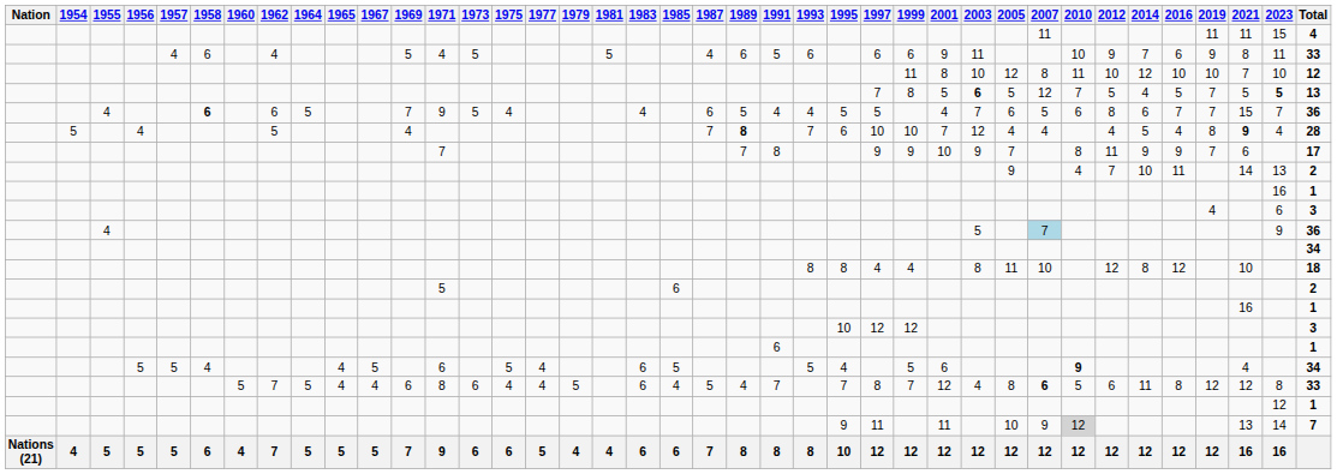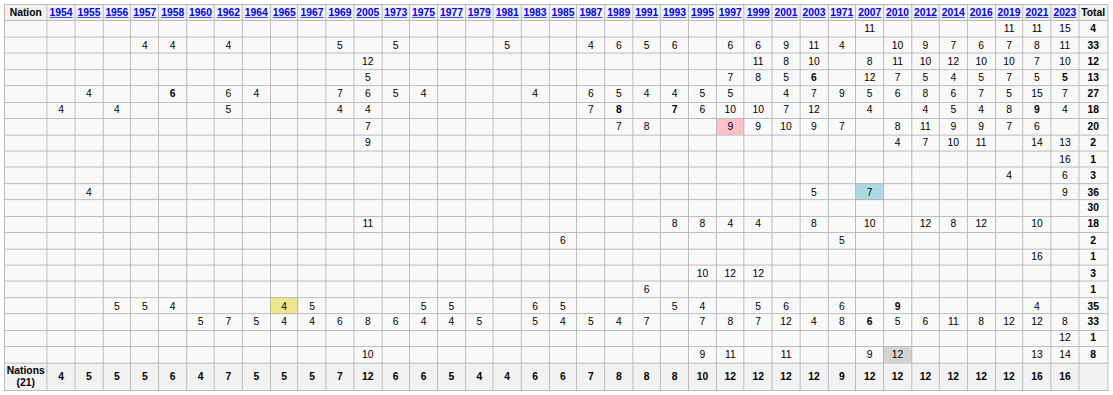 <table class="wikitable sortable sort-under-center" style="font-size:85%; text-align:center">
 <tr>
 <th>Nation</th>
 <th><a href='#'>1954</a></th>
 <th><a href='#'>1955</a></th>
 <th><a href='#'>1956</a></th>
 <th><a href='#'>1957</a></th>
 <th><a href='#'>1958</a></th>
 <th><a href='#'>1960</a></th>
 <th><a href='#'>1962</a></th>
 <th><a href='#'>1964</a></th>
 <th><a href='#'>1965</a></th>
 <th><a href='#'>1967</a></th>
 <th><a href='#'>1969</a></th>
-<th><a href='#'>1971</a></th>
+<th><a href='#'>2005</a></th>
 <th><a href='#'>1973</a></th>
 <th><a href='#'>1975</a></th>
 <th><a href='#'>1977</a></th>
 <th><a href='#'>1979</a></th>
 <th><a href='#'>1981</a></th>
 <th><a href='#'>1983</a></th>
 <th><a href='#'>1985</a></th>
 <th><a href='#'>1987</a></th>
 <th><a href='#'>1989</a></th>
 <th><a href='#'>1991</a></th>
 <th><a href='#'>1993</a></th>
 <th><a href='#'>1995</a></th>
 <th><a href='#'>1997</a></th>
 <th><a href='#'>1999</a></th>
 <th><a href='#'>2001</a></th>
 <th><a href='#'>2003</a></th>
-<th><a href='#'>2005</a></th>
+<th><a href='#'>1971</a></th>
 <th><a href='#'>2007</a></th>
 <th><a href='#'>2010</a></th>
 <th><a href='#'>2012</a></th>
 <th><a href='#'>2014</a></th>
 <th><a href='#'>2016</a></th>
 <th><a href='#'>2019</a></th>
 <th><a href='#'>2021</a></th>
 <th><a href='#'>2023</a></th>
 <th>Total</th>
 </tr>
 <tr>
 <td align=left></td>
 <td data-sort-value=99></td>
 <td data-sort-value=99></td>
 <td data-sort-value=99></td>
 <td data-sort-value=99></td>
 <td data-sort-value=99></td>
 <td data-sort-value=99></td>
 <td data-sort-value=99></td>
 <td data-sort-value=99></td>
 <td data-sort-value=99></td>
 <td data-sort-value=99></td>
 <td data-sort-value=99></td>
 <td data-sort-value=99></td>
 <td data-sort-value=99></td>
 <td data-sort-value=99></td>
 <td data-sort-value=99></td>
 <td data-sort-value=99></td>
 <td data-sort-value=99></td>
 <td data-sort-value=99></td>
 <td data-sort-value=99></td>
 <td data-sort-value=99></td>
 <td data-sort-value=99></td>
 <td data-sort-value=99></td>
 <td data-sort-value=99></td>
 <td data-sort-value=99></td>
 <td data-sort-value=99></td>
 <td data-sort-value=99></td>
 <td data-sort-value=99></td>
 <td data-sort-value=99></td>
 <td data-sort-value=99></td>
 <td>11</td>
 <td data-sort-value=99></td>
 <td data-sort-value=99></td>
 <td data-sort-value=99></td>
 <td data-sort-value=99></td>
 <td>11</td>
 <td>11</td>
 <td>15</td>
 <td><strong>4</strong></td>
 </tr>
 <tr>
 <td align=left></td>
 <td></td>
 <td></td>
 <td></td>
 <td>4</td>
-<td>6</td>
+<td>4</td>
 <td data-sort-value=99></td>
 <td>4</td>
 <td data-sort-value=99></td>
 <td data-sort-value=99></td>
 <td></td>
 <td>5</td>
-<td>4</td>
+<td data-sort-value=99></td>
 <td>5</td>
 <td data-sort-value=99></td>
 <td></td>
 <td></td>
 <td>5</td>
 <td></td>
 <td></td>
 <td>4</td>
 <td>6</td>
 <td>5</td>
 <td>6</td>
 <td></td>
 <td>6</td>
 <td>6</td>
 <td>9</td>
 <td>11</td>
-<td data-sort-value=99></td>
+<td>4</td>
 <td data-sort-value=99></td>
 <td>10</td>
 <td>9</td>
 <td>7</td>
 <td>6</td>
-<td>9</td>
+<td>7</td>
 <td>8</td>
 <td>11</td>
 <td><strong>33</strong></td>
 </tr>
 <tr>
 <td align=left></td>
 <td data-sort-value=99></td>
 <td data-sort-value=99></td>
 <td data-sort-value=99></td>
 <td data-sort-value=99></td>
 <td data-sort-value=99></td>
 <td data-sort-value=99></td>
 <td data-sort-value=99></td>
 <td data-sort-value=99></td>
 <td data-sort-value=99></td>
 <td data-sort-value=99></td>
 <td data-sort-value=99></td>
-<td data-sort-value=99></td>
+<td>12</td>
 <td data-sort-value=99></td>
 <td data-sort-value=99></td>
 <td data-sort-value=99></td>
 <td data-sort-value=99></td>
 <td data-sort-value=99></td>
 <td data-sort-value=99></td>
 <td data-sort-value=99></td>
 <td data-sort-value=99></td>
 <td data-sort-value=99></td>
 <td data-sort-value=99></td>
 <td data-sort-value=99></td>
 <td data-sort-value=99></td>
 <td data-sort-value=99></td>
 <td>11</td>
 <td>8</td>
 <td>10</td>
-<td>12</td>
+<td data-sort-value=99></td>
 <td>8</td>
 <td>11</td>
 <td>10</td>
 <td>12</td>
 <td>10</td>
 <td>10</td>
 <td>7</td>
 <td>10</td>
 <td><strong>12</strong></td>
 </tr>
 <tr>
 <td align=left></td>
 <td data-sort-value=99></td>
 <td data-sort-value=99></td>
 <td data-sort-value=99></td>
 <td data-sort-value=99></td>
 <td data-sort-value=99></td>
 <td data-sort-value=99></td>
 <td data-sort-value=99></td>
 <td data-sort-value=99></td>
 <td data-sort-value=99></td>
 <td data-sort-value=99></td>
 <td data-sort-value=99></td>
-<td data-sort-value=99></td>
+<td>5</td>
 <td data-sort-value=99></td>
 <td data-sort-value=99></td>
 <td data-sort-value=99></td>
 <td data-sort-value=99></td>
 <td data-sort-value=99></td>
 <td data-sort-value=99></td>
 <td data-sort-value=99></td>
 <td data-sort-value=99></td>
 <td data-sort-value=99></td>
 <td data-sort-value=99></td>
 <td data-sort-value=99></td>
 <td data-sort-value=99></td>
 <td>7</td>
 <td>8</td>
 <td>5</td>
 <td><strong>6</strong></td>
-<td>5</td>
+<td data-sort-value=99></td>
 <td>12</td>
 <td>7</td>
 <td>5</td>
 <td>4</td>
 <td>5</td>
 <td>7</td>
 <td>5</td>
 <td><strong>5</strong></td>
 <td><strong>13</strong></td>
 </tr>
 <tr>
 <td align=left></td>
 <td data-sort-value=99></td>
 <td>4</td>
 <td data-sort-value=99></td>
 <td data-sort-value=99></td>
 <td><strong>6</strong></td>
 <td data-sort-value=99></td>
 <td>6</td>
-<td>5</td>
+<td>4</td>
 <td data-sort-value=99></td>
 <td data-sort-value=99></td>
 <td>7</td>
-<td>9</td>
+<td>6</td>
 <td>5</td>
 <td>4</td>
 <td data-sort-value=99></td>
 <td data-sort-value=99></td>
 <td data-sort-value=99></td>
 <td>4</td>
 <td data-sort-value=99></td>
 <td>6</td>
 <td>5</td>
 <td>4</td>
 <td>4</td>
 <td>5</td>
 <td>5</td>
 <td></td>
 <td>4</td>
 <td>7</td>
-<td>6</td>
+<td>9</td>
 <td>5</td>
 <td>6</td>
 <td>8</td>
 <td>6</td>
 <td>7</td>
-<td>7</td>
+<td>5</td>
 <td>15</td>
 <td>7</td>
-<td><strong>36</strong></td>
+<td><strong>27</strong></td>
 </tr>
 <tr>
 <td align=left></td>
-<td>5</td>
+<td>4</td>
 <td></td>
 <td>4</td>
 <td></td>
 <td></td>
 <td data-sort-value=99></td>
 <td>5</td>
 <td data-sort-value=99></td>
 <td></td>
 <td></td>
 <td>4</td>
-<td></td>
+<td>4</td>
 <td data-sort-value=99></td>
 <td></td>
 <td data-sort-value=99></td>
 <td data-sort-value=99></td>
 <td data-sort-value=99></td>
 <td data-sort-value=99></td>
 <td data-sort-value=99></td>
 <td>7</td>
 <td><strong>8</strong></td>
 <td data-sort-value=99></td>
-<td>7</td>
+<td><strong>7</strong></td>
 <td>6</td>
 <td>10</td>
 <td>10</td>
 <td>7</td>
 <td>12</td>
-<td>4</td>
+<td></td>
 <td>4</td>
 <td></td>
 <td>4</td>
 <td>5</td>
 <td>4</td>
 <td>8</td>
 <td><strong>9</strong></td>
 <td>4</td>
-<td><strong>28</strong></td>
+<td><strong>18</strong></td>
 </tr>
 <tr>
 <td align=left></td>
 <td data-sort-value=99></td>
 <td data-sort-value=99></td>
 <td data-sort-value=99></td>
 <td data-sort-value=99></td>
 <td data-sort-value=99></td>
 <td data-sort-value=99></td>
 <td data-sort-value=99></td>
 <td data-sort-value=99></td>
 <td data-sort-value=99></td>
 <td></td>
 <td data-sort-value=99></td>
 <td>7</td>
 <td data-sort-value=99></td>
 <td data-sort-value=99></td>
 <td data-sort-value=99></td>
 <td data-sort-value=99></td>
 <td data-sort-value=99></td>
 <td data-sort-value=99></td>
 <td data-sort-value=99></td>
 <td data-sort-value=99></td>
 <td>7</td>
 <td>8</td>
 <td data-sort-value=99></td>
 <td data-sort-value=99></td>
-<td>9</td>
+<td style="background: pink;">9</td>
 <td>9</td>
 <td>10</td>
 <td>9</td>
 <td>7</td>
 <td></td>
 <td>8</td>
 <td>11</td>
 <td>9</td>
 <td>9</td>
 <td>7</td>
 <td>6</td>
 <td></td>
-<td><strong>17</strong></td>
+<td><strong>20</strong></td>
 </tr>
 <tr>
 <td align=left></td>
 <td data-sort-value=99></td>
 <td data-sort-value=99></td>
 <td data-sort-value=99></td>
 <td data-sort-value=99></td>
 <td data-sort-value=99></td>
 <td data-sort-value=99></td>
 <td data-sort-value=99></td>
 <td data-sort-value=99></td>
 <td data-sort-value=99></td>
 <td data-sort-value=99></td>
 <td data-sort-value=99></td>
-<td data-sort-value=99></td>
+<td>9</td>
 <td data-sort-value=99></td>
 <td data-sort-value=99></td>
 <td data-sort-value=99></td>
 <td data-sort-value=99></td>
 <td data-sort-value=99></td>
 <td data-sort-value=99></td>
 <td data-sort-value=99></td>
 <td data-sort-value=99></td>
 <td data-sort-value=99></td>
 <td data-sort-value=99></td>
 <td data-sort-value=99></td>
 <td data-sort-value=99></td>
 <td data-sort-value=99></td>
 <td data-sort-value=99></td>
 <td data-sort-value=99></td>
 <td></td>
-<td>9</td>
+<td data-sort-value=99></td>
 <td data-sort-value=99></td>
 <td>4</td>
 <td>7</td>
 <td>10</td>
 <td>11</td>
 <td data-sort-value=99></td>
 <td>14</td>
 <td>13</td>
 <td><strong>2</strong></td>
 </tr>
 <tr>
 <td align=left></td>
 <td data-sort-value=99></td>
 <td data-sort-value=99></td>
 <td data-sort-value=99></td>
 <td data-sort-value=99></td>
 <td data-sort-value=99></td>
 <td data-sort-value=99></td>
 <td data-sort-value=99></td>
 <td data-sort-value=99></td>
 <td data-sort-value=99></td>
 <td data-sort-value=99></td>
 <td data-sort-value=99></td>
 <td data-sort-value=99></td>
 <td data-sort-value=99></td>
 <td data-sort-value=99></td>
 <td data-sort-value=99></td>
 <td data-sort-value=99></td>
 <td data-sort-value=99></td>
 <td data-sort-value=99></td>
 <td data-sort-value=99></td>
 <td data-sort-value=99></td>
 <td data-sort-value=99></td>
 <td data-sort-value=99></td>
 <td data-sort-value=99></td>
 <td data-sort-value=99></td>
 <td data-sort-value=99></td>
 <td data-sort-value=99></td>
 <td data-sort-value=99></td>
 <td data-sort-value=99></td>
 <td data-sort-value=99></td>
 <td data-sort-value=99></td>
 <td data-sort-value=99></td>
 <td data-sort-value=99></td>
 <td data-sort-value=99></td>
 <td data-sort-value=99></td>
 <td data-sort-value=99></td>
 <td data-sort-value=99></td>
 <td>16</td>
 <td><strong>1</strong></td>
 </tr>
 <tr>
 <td align=left></td>
 <td data-sort-value=99></td>
 <td data-sort-value=99></td>
 <td data-sort-value=99></td>
 <td data-sort-value=99></td>
 <td data-sort-value=99></td>
 <td data-sort-value=99></td>
 <td data-sort-value=99></td>
 <td data-sort-value=99></td>
 <td data-sort-value=99></td>
 <td data-sort-value=99></td>
 <td data-sort-value=99></td>
 <td data-sort-value=99></td>
 <td data-sort-value=99></td>
 <td data-sort-value=99></td>
 <td data-sort-value=99></td>
 <td data-sort-value=99></td>
 <td data-sort-value=99></td>
 <td data-sort-value=99></td>
 <td data-sort-value=99></td>
 <td data-sort-value=99></td>
 <td data-sort-value=99></td>
 <td data-sort-value=99></td>
 <td data-sort-value=99></td>
 <td data-sort-value=99></td>
 <td data-sort-value=99></td>
 <td data-sort-value=99></td>
 <td data-sort-value=99></td>
 <td data-sort-value=99></td>
 <td data-sort-value=99></td>
 <td data-sort-value=99></td>
 <td data-sort-value=99></td>
 <td data-sort-value=99></td>
 <td data-sort-value=99></td>
 <td data-sort-value=99></td>
 <td>4</td>
 <td></td>
 <td>6</td>
 <td><strong>3</strong></td>
 </tr>
 <tr>
 <td align=left></td>
 <td></td>
 <td>4</td>
 <td></td>
 <td></td>
 <td></td>
 <td></td>
 <td></td>
 <td></td>
 <td></td>
 <td data-sort-value=99></td>
 <td></td>
 <td></td>
 <td></td>
 <td></td>
 <td></td>
 <td></td>
 <td></td>
 <td></td>
 <td></td>
 <td></td>
 <td></td>
 <td></td>
 <td></td>
 <td></td>
 <td></td>
 <td></td>
 <td></td>
 <td>5</td>
 <td></td>
 <td style="background: lightblue;">7</td>
 <td></td>
 <td></td>
 <td></td>
 <td></td>
 <td></td>
 <td></td>
 <td>9</td>
 <td><strong>36</strong></td>
 </tr>
 <tr>
 <td align=left></td>
 <td data-sort-value=99></td>
 <td data-sort-value=99></td>
 <td></td>
 <td></td>
 <td></td>
 <td></td>
 <td></td>
 <td></td>
 <td></td>
 <td data-sort-value=99></td>
 <td></td>
 <td></td>
 <td></td>
 <td></td>
 <td></td>
 <td></td>
 <td></td>
 <td></td>
 <td></td>
 <td></td>
 <td></td>
 <td></td>
 <td></td>
 <td></td>
 <td></td>
 <td></td>
 <td></td>
 <td></td>
 <td></td>
 <td></td>
 <td></td>
 <td></td>
 <td></td>
 <td></td>
 <td></td>
 <td></td>
 <td></td>
-<td><strong>34</strong></td>
+<td><strong>30</strong></td>
 </tr>
 <tr>
 <td align=left></td>
 <td data-sort-value=99></td>
 <td data-sort-value=99></td>
 <td data-sort-value=99></td>
 <td data-sort-value=99></td>
 <td data-sort-value=99></td>
 <td data-sort-value=99></td>
 <td data-sort-value=99></td>
 <td data-sort-value=99></td>
 <td data-sort-value=99></td>
 <td data-sort-value=99></td>
 <td data-sort-value=99></td>
-<td data-sort-value=99></td>
+<td>11</td>
 <td data-sort-value=99></td>
 <td data-sort-value=99></td>
 <td data-sort-value=99></td>
 <td data-sort-value=99></td>
 <td data-sort-value=99></td>
 <td data-sort-value=99></td>
 <td data-sort-value=99></td>
 <td data-sort-value=99></td>
 <td data-sort-value=99></td>
 <td data-sort-value=99></td>
 <td>8</td>
 <td>8</td>
 <td>4</td>
 <td>4</td>
 <td></td>
 <td>8</td>
-<td>11</td>
+<td data-sort-value=99></td>
 <td>10</td>
 <td data-sort-value=99></td>
 <td>12</td>
 <td>8</td>
 <td>12</td>
 <td data-sort-value=99></td>
 <td>10</td>
 <td data-sort-value=99></td>
 <td><strong>18</strong></td>
 </tr>
 <tr>
 <td align=left></td>
 <td data-sort-value=99></td>
 <td data-sort-value=99></td>
 <td data-sort-value=99></td>
 <td data-sort-value=99></td>
 <td data-sort-value=99></td>
 <td data-sort-value=99></td>
 <td data-sort-value=99></td>
 <td data-sort-value=99></td>
 <td data-sort-value=99></td>
 <td data-sort-value=99></td>
 <td data-sort-value=99></td>
-<td>5</td>
+<td data-sort-value=99></td>
 <td data-sort-value=99></td>
 <td data-sort-value=99></td>
 <td data-sort-value=99></td>
 <td data-sort-value=99></td>
 <td data-sort-value=99></td>
 <td data-sort-value=99></td>
 <td>6</td>
 <td data-sort-value=99></td>
 <td data-sort-value=99></td>
 <td data-sort-value=99></td>
 <td data-sort-value=99></td>
 <td data-sort-value=99></td>
 <td data-sort-value=99></td>
 <td data-sort-value=99></td>
 <td data-sort-value=99></td>
 <td data-sort-value=99></td>
-<td data-sort-value=99></td>
+<td>5</td>
 <td data-sort-value=99></td>
 <td data-sort-value=99></td>
 <td data-sort-value=99></td>
 <td data-sort-value=99></td>
 <td data-sort-value=99></td>
 <td data-sort-value=99></td>
 <td data-sort-value=99></td>
 <td data-sort-value=99></td>
 <td><strong>2</strong></td>
 </tr>
 <tr>
 <td align=left></td>
 <td data-sort-value=99></td>
 <td data-sort-value=99></td>
 <td data-sort-value=99></td>
 <td data-sort-value=99></td>
 <td data-sort-value=99></td>
 <td data-sort-value=99></td>
 <td data-sort-value=99></td>
 <td data-sort-value=99></td>
 <td data-sort-value=99></td>
 <td data-sort-value=99></td>
 <td data-sort-value=99></td>
 <td data-sort-value=99></td>
 <td data-sort-value=99></td>
 <td data-sort-value=99></td>
 <td data-sort-value=99></td>
 <td data-sort-value=99></td>
 <td data-sort-value=99></td>
 <td data-sort-value=99></td>
 <td data-sort-value=99></td>
 <td data-sort-value=99></td>
 <td data-sort-value=99></td>
 <td data-sort-value=99></td>
 <td data-sort-value=99></td>
 <td data-sort-value=99></td>
 <td data-sort-value=99></td>
 <td data-sort-value=99></td>
 <td data-sort-value=99></td>
 <td data-sort-value=99></td>
 <td data-sort-value=99></td>
 <td data-sort-value=99></td>
 <td data-sort-value=99></td>
 <td data-sort-value=99></td>
 <td data-sort-value=99></td>
 <td data-sort-value=99></td>
 <td data-sort-value=99></td>
 <td>16</td>
 <td data-sort-value=99></td>
 <td><strong>1</strong></td>
 </tr>
 <tr>
 <td align=left></td>
 <td data-sort-value=99></td>
 <td data-sort-value=99></td>
 <td data-sort-value=99></td>
 <td data-sort-value=99></td>
 <td data-sort-value=99></td>
 <td data-sort-value=99></td>
 <td data-sort-value=99></td>
 <td data-sort-value=99></td>
 <td data-sort-value=99></td>
 <td data-sort-value=99></td>
 <td data-sort-value=99></td>
 <td data-sort-value=99></td>
 <td data-sort-value=99></td>
 <td data-sort-value=99></td>
 <td data-sort-value=99></td>
 <td data-sort-value=99></td>
 <td data-sort-value=99></td>
 <td data-sort-value=99></td>
 <td data-sort-value=99></td>
 <td data-sort-value=99></td>
 <td data-sort-value=99></td>
 <td data-sort-value=99></td>
 <td data-sort-value=99></td>
 <td>10</td>
 <td>12</td>
 <td>12</td>
 <td data-sort-value=99></td>
 <td data-sort-value=99></td>
 <td data-sort-value=99></td>
 <td data-sort-value=99></td>
 <td data-sort-value=99></td>
 <td data-sort-value=99></td>
 <td data-sort-value=99></td>
 <td data-sort-value=99></td>
 <td data-sort-value=99></td>
 <td data-sort-value=99></td>
 <td data-sort-value=99></td>
 <td><strong>3</strong></td>
 </tr>
 <tr>
 <td align=left></td>
 <td data-sort-value=99></td>
 <td data-sort-value=99></td>
 <td data-sort-value=99></td>
 <td data-sort-value=99></td>
 <td data-sort-value=99></td>
 <td data-sort-value=99></td>
 <td data-sort-value=99></td>
 <td data-sort-value=99></td>
 <td data-sort-value=99></td>
 <td data-sort-value=99></td>
 <td data-sort-value=99></td>
 <td data-sort-value=99></td>
 <td data-sort-value=99></td>
 <td data-sort-value=99></td>
 <td data-sort-value=99></td>
 <td data-sort-value=99></td>
 <td data-sort-value=99></td>
 <td data-sort-value=99></td>
 <td data-sort-value=99></td>
 <td data-sort-value=99></td>
 <td data-sort-value=99></td>
 <td>6</td>
 <td data-sort-value=99></td>
 <td data-sort-value=99></td>
 <td data-sort-value=99></td>
 <td data-sort-value=99></td>
 <td data-sort-value=99></td>
 <td data-sort-value=99></td>
 <td data-sort-value=99></td>
 <td data-sort-value=99></td>
 <td data-sort-value=99></td>
 <td data-sort-value=99></td>
 <td data-sort-value=99></td>
 <td data-sort-value=99></td>
 <td data-sort-value=99></td>
 <td data-sort-value=99></td>
 <td data-sort-value=99></td>
 <td><strong>1</strong></td>
 </tr>
 <tr>
 <td align=left></td>
 <td></td>
 <td></td>
 <td>5</td>
 <td>5</td>
 <td>4</td>
 <td></td>
 <td></td>
 <td></td>
-<td>4</td>
+<td style="background: khaki;">4</td>
 <td>5</td>
 <td></td>
-<td>6</td>
+<td></td>
 <td></td>
 <td>5</td>
-<td>4</td>
+<td>5</td>
 <td data-sort-value=99></td>
 <td data-sort-value=99></td>
 <td>6</td>
 <td>5</td>
 <td></td>
 <td></td>
 <td></td>
 <td>5</td>
 <td>4</td>
 <td></td>
 <td>5</td>
 <td>6</td>
 <td></td>
-<td></td>
+<td>6</td>
 <td></td>
 <td><strong>9</strong></td>
 <td></td>
 <td></td>
 <td></td>
 <td></td>
 <td>4</td>
 <td></td>
-<td><strong>34</strong></td>
+<td><strong>35</strong></td>
 </tr>
 <tr>
 <td align=left></td>
 <td data-sort-value=99></td>
 <td data-sort-value=99></td>
 <td data-sort-value=99></td>
 <td data-sort-value=99></td>
 <td data-sort-value=99></td>
 <td>5</td>
 <td>7</td>
 <td>5</td>
 <td>4</td>
 <td>4</td>
 <td>6</td>
 <td>8</td>
 <td>6</td>
 <td>4</td>
 <td>4</td>
 <td>5</td>
 <td></td>
-<td>6</td>
+<td>5</td>
 <td>4</td>
 <td>5</td>
 <td>4</td>
 <td>7</td>
 <td></td>
 <td>7</td>
 <td>8</td>
 <td>7</td>
 <td>12</td>
 <td>4</td>
 <td>8</td>
 <td><strong>6</strong></td>
 <td>5</td>
 <td>6</td>
 <td>11</td>
 <td>8</td>
 <td>12</td>
 <td>12</td>
 <td>8</td>
 <td><strong>33</strong></td>
 </tr>
 <tr>
 <td align=left></td>
 <td data-sort-value=99></td>
 <td data-sort-value=99></td>
 <td data-sort-value=99></td>
 <td data-sort-value=99></td>
 <td data-sort-value=99></td>
 <td data-sort-value=99></td>
 <td data-sort-value=99></td>
 <td data-sort-value=99></td>
 <td data-sort-value=99></td>
 <td data-sort-value=99></td>
 <td data-sort-value=99></td>
 <td data-sort-value=99></td>
 <td data-sort-value=99></td>
 <td data-sort-value=99></td>
 <td data-sort-value=99></td>
 <td data-sort-value=99></td>
 <td data-sort-value=99></td>
 <td data-sort-value=99></td>
 <td data-sort-value=99></td>
 <td data-sort-value=99></td>
 <td data-sort-value=99></td>
 <td data-sort-value=99></td>
 <td data-sort-value=99></td>
 <td data-sort-value=99></td>
 <td data-sort-value=99></td>
 <td data-sort-value=99></td>
 <td data-sort-value=99></td>
 <td data-sort-value=99></td>
 <td data-sort-value=99></td>
 <td data-sort-value=99></td>
 <td data-sort-value=99></td>
 <td data-sort-value=99></td>
 <td data-sort-value=99></td>
 <td data-sort-value=99></td>
 <td data-sort-value=99></td>
 <td data-sort-value=99></td>
 <td>12</td>
 <td><strong>1</strong></td>
 </tr>
 <tr>
 <td align=left></td>
 <td data-sort-value=99></td>
 <td data-sort-value=99></td>
 <td data-sort-value=99></td>
 <td data-sort-value=99></td>
 <td data-sort-value=99></td>
 <td data-sort-value=99></td>
 <td data-sort-value=99></td>
 <td data-sort-value=99></td>
 <td data-sort-value=99></td>
 <td data-sort-value=99></td>
 <td data-sort-value=99></td>
-<td data-sort-value=99></td>
+<td>10</td>
 <td data-sort-value=99></td>
 <td data-sort-value=99></td>
 <td data-sort-value=99></td>
 <td data-sort-value=99></td>
 <td data-sort-value=99></td>
 <td data-sort-value=99></td>
 <td data-sort-value=99></td>
 <td data-sort-value=99></td>
 <td data-sort-value=99></td>
 <td data-sort-value=99></td>
 <td data-sort-value=99></td>
 <td>9</td>
 <td>11</td>
 <td data-sort-value=99></td>
 <td>11</td>
 <td data-sort-value=99></td>
-<td>10</td>
+<td data-sort-value=99></td>
 <td>9</td>
 <td style="background: lightgrey;">12</td>
 <td data-sort-value=99></td>
 <td data-sort-value=99></td>
 <td data-sort-value=99></td>
 <td data-sort-value=99></td>
 <td>13</td>
 <td>14</td>
-<td><strong>7</strong></td>
+<td><strong>8</strong></td>
 </tr>
 <tr>
 <th>Nations (21)</th>
 <th>4</th>
 <th>5</th>
 <th>5</th>
 <th>5</th>
 <th>6</th>
 <th>4</th>
 <th>7</th>
 <th>5</th>
 <th>5</th>
 <th>5</th>
 <th>7</th>
-<th>9</th>
+<th>12</th>
 <th>6</th>
 <th>6</th>
 <th>5</th>
 <th>4</th>
 <th>4</th>
 <th>6</th>
 <th>6</th>
 <th>7</th>
 <th>8</th>
 <th>8</th>
 <th>8</th>
 <th>10</th>
 <th>12</th>
 <th>12</th>
 <th>12</th>
 <th>12</th>
-<th>12</th>
+<th>9</th>
 <th>12</th>
 <th>12</th>
 <th>12</th>
 <th>12</th>
 <th>12</th>
 <th>12</th>
 <th>16</th>
 <th>16</th>
 <th></th>
 </tr>
 </table>
